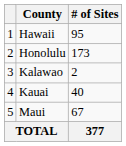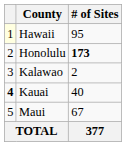 <table class="wikitable sortable">
 <tr>
 <th></th>
 <th><strong>County</strong></th>
 <th><strong># of Sites</strong></th>
 </tr>
 <tr ->
-<td>1</td>
+<td style="background: lightyellow;">1</td>
 <td>Hawaii</td>
 <td>95</td>
 </tr>
 <tr ->
 <td>2</td>
 <td>Honolulu</td>
-<td>173</td>
+<td><strong>173</strong></td>
 </tr>
 <tr ->
 <td>3</td>
 <td>Kalawao</td>
 <td>2</td>
 </tr>
 <tr ->
-<td>4</td>
+<td><strong>4</strong></td>
 <td>Kauai</td>
 <td>40</td>
 </tr>
 <tr ->
 <td>5</td>
 <td>Maui</td>
 <td>67</td>
 </tr>
 <tr class="sortbottom">
 <th colspan="2">TOTAL</th>
 <th>377</th>
 </tr>
 </table>
